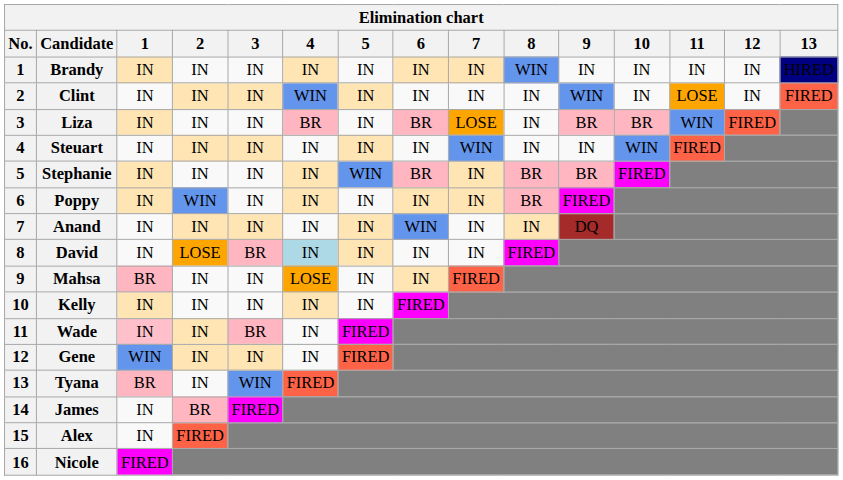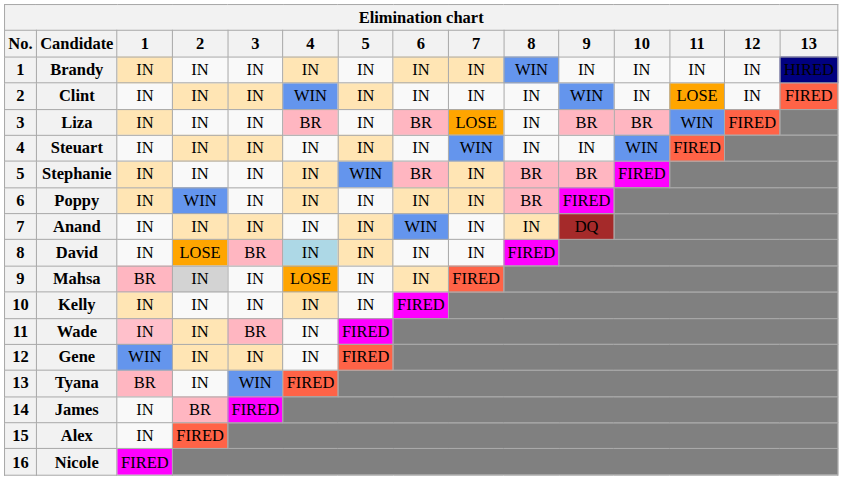 <table class="wikitable" style="text-align:center;">
 <tr>
 <th colspan="15">Elimination chart</th>
 </tr>
 <tr>
 <th>No.</th>
 <th>Candidate</th>
 <th>1</th>
 <th>2</th>
 <th>3</th>
 <th>4</th>
 <th>5</th>
 <th>6</th>
 <th>7</th>
 <th>8</th>
 <th>9</th>
 <th>10</th>
 <th>11</th>
 <th>12</th>
 <th>13</th>
 </tr>
 <tr>
 <th>1</th>
 <th>Brandy</th>
 <td style="background:#ffe5b4;">IN</td>
 <td>IN</td>
 <td>IN</td>
 <td style="background:#ffe5b4;">IN</td>
 <td>IN</td>
 <td style="background:#ffe5b4;">IN</td>
 <td style="background:#ffe5b4;">IN</td>
 <td style="background:cornflowerblue;">WIN</td>
 <td>IN</td>
 <td>IN</td>
 <td>IN</td>
 <td>IN</td>
 <td style="background:navy;"><span> HIRED </span></td>
 </tr>
 <tr>
 <th>2</th>
 <th>Clint</th>
 <td>IN</td>
 <td style="background:#ffe5b4;">IN</td>
 <td style="background:#ffe5b4;">IN</td>
 <td style="background:cornflowerblue;">WIN</td>
 <td style="background:#ffe5b4;">IN</td>
 <td>IN</td>
 <td>IN</td>
 <td>IN</td>
 <td style="background:cornflowerblue;">WIN</td>
 <td>IN</td>
 <td style="background:orange;">LOSE</td>
 <td>IN</td>
 <td style="background:tomato;">FIRED</td>
 </tr>
 <tr>
 <th>3</th>
 <th>Liza</th>
 <td style="background:#ffe5b4;">IN</td>
 <td>IN</td>
 <td>IN</td>
 <td style="background:lightpink;">BR</td>
 <td>IN</td>
 <td style="background:lightpink;">BR</td>
 <td style="background:orange;">LOSE</td>
 <td>IN</td>
 <td style="background:lightpink;">BR</td>
 <td style="background:lightpink;">BR</td>
 <td style="background:cornflowerblue;">WIN</td>
 <td style="background:tomato;">FIRED</td>
 <td colspan="1" style="background:gray;"></td>
 </tr>
 <tr>
 <th>4</th>
 <th>Steuart</th>
 <td>IN</td>
 <td style="background:#ffe5b4;">IN</td>
 <td style="background:#ffe5b4;">IN</td>
 <td>IN</td>
 <td style="background:#ffe5b4;">IN</td>
 <td>IN</td>
 <td style="background:cornflowerblue;">WIN</td>
 <td>IN</td>
 <td>IN</td>
 <td style="background:cornflowerblue;">WIN</td>
 <td style="background:tomato;">FIRED</td>
 <td colspan="2" style="background:gray;"></td>
 </tr>
 <tr>
 <th>5</th>
 <th>Stephanie</th>
 <td style="background:#ffe5b4;">IN</td>
 <td>IN</td>
 <td>IN</td>
 <td style="background:#ffe5b4;">IN</td>
 <td style="background:cornflowerblue;">WIN</td>
 <td style="background:lightpink;">BR</td>
 <td style="background:#ffe5b4;">IN</td>
 <td style="background:lightpink;">BR</td>
 <td style="background:lightpink;">BR</td>
 <td style="background:magenta;">FIRED</td>
 <td colspan="3" style="background:gray;"></td>
 </tr>
 <tr>
 <th>6</th>
 <th>Poppy</th>
 <td style="background:#ffe5b4;">IN</td>
 <td style="background:cornflowerblue;">WIN</td>
 <td>IN</td>
 <td style="background:#ffe5b4;">IN</td>
 <td>IN</td>
 <td style="background:#ffe5b4;">IN</td>
 <td style="background:#ffe5b4;">IN</td>
 <td style="background:lightpink;">BR</td>
 <td style="background:magenta;">FIRED</td>
 <td colspan="4" style="background:gray;"></td>
 </tr>
 <tr>
 <th>7</th>
 <th>Anand</th>
 <td>IN</td>
 <td style="background:#ffe5b4;">IN</td>
 <td style="background:#ffe5b4;">IN</td>
 <td>IN</td>
 <td style="background:#ffe5b4;">IN</td>
 <td style="background:cornflowerblue;">WIN</td>
 <td>IN</td>
 <td style="background:#ffe5b4;">IN</td>
 <td style="background:brown;"><span>DQ</span></td>
 <td colspan="4" style="background:gray;"></td>
 </tr>
 <tr>
 <th>8</th>
 <th>David</th>
 <td>IN</td>
 <td style="background:orange;">LOSE</td>
 <td style="background:lightpink;">BR</td>
 <td style="background:lightblue;">IN</td>
 <td style="background:#ffe5b4;">IN</td>
 <td>IN</td>
 <td>IN</td>
 <td style="background:magenta;">FIRED</td>
 <td colspan="5" style="background:gray;"></td>
 </tr>
 <tr>
 <th>9</th>
 <th>Mahsa</th>
 <td style="background:lightpink;">BR</td>
-<td>IN</td>
+<td style="background: lightgrey;">IN</td>
 <td>IN</td>
 <td style="background:orange;">LOSE</td>
 <td>IN</td>
 <td style="background:#ffe5b4;">IN</td>
 <td style="background:tomato;">FIRED</td>
 <td colspan="6" style="background:gray;"></td>
 </tr>
 <tr>
 <th>10</th>
 <th>Kelly</th>
 <td style="background:#ffe5b4;">IN</td>
 <td>IN</td>
 <td>IN</td>
 <td style="background:#ffe5b4;">IN</td>
 <td>IN</td>
 <td style="background:magenta;">FIRED</td>
 <td colspan="7" style="background:gray;"></td>
 </tr>
 <tr>
 <th>11</th>
 <th>Wade</th>
 <td style="background: pink;">IN</td>
 <td style="background:#ffe5b4;">IN</td>
 <td style="background:lightpink;">BR</td>
 <td>IN</td>
 <td style="background:magenta;">FIRED</td>
 <td colspan="8" style="background:gray;"></td>
 </tr>
 <tr>
 <th>12</th>
 <th>Gene</th>
 <td style="background:cornflowerblue;">WIN</td>
 <td style="background:#ffe5b4;">IN</td>
 <td style="background:#ffe5b4;">IN</td>
 <td>IN</td>
 <td style="background:tomato;">FIRED</td>
 <td colspan="8" style="background:gray;"></td>
 </tr>
 <tr>
 <th>13</th>
 <th>Tyana</th>
 <td style="background:lightpink;">BR</td>
 <td>IN</td>
 <td style="background:cornflowerblue;">WIN</td>
 <td style="background:tomato;">FIRED</td>
 <td colspan="9" style="background:gray;"></td>
 </tr>
 <tr>
 <th>14</th>
 <th>James</th>
 <td>IN</td>
 <td style="background:lightpink;">BR</td>
 <td style="background:magenta;">FIRED</td>
 <td colspan="10" style="background:gray;"></td>
 </tr>
 <tr>
 <th>15</th>
 <th>Alex</th>
 <td>IN</td>
 <td style="background:tomato;">FIRED</td>
 <td colspan="11" style="background:gray;"></td>
 </tr>
 <tr>
 <th>16</th>
 <th>Nicole</th>
 <td style="background:magenta;">FIRED</td>
 <td colspan="12" style="background:gray;"></td>
 </tr>
 </table>
